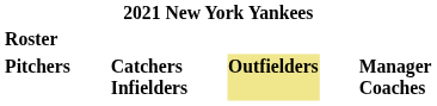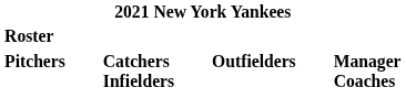 <table class="toccolours" style="font-size: 95%;">
 <tr>
 <th colspan="10">2021 New York Yankees</th>
 </tr>
 <tr>
 <td colspan="10"><strong>Roster</strong></td>
 </tr>
 <tr>
 <td valign="top"><strong>Pitchers</strong><br>                             </td>
 <td style="width:25px;"></td>
 <td valign="top"><strong>Catchers</strong><br>   <strong>Infielders</strong>           </td>
 <td style="width:25px;"></td>
-<td valign="top" style="background: khaki;"><strong>Outfielders</strong><br>              </td>
+<td valign="top"><strong>Outfielders</strong><br>              </td>
 <td style="width:25px;"></td>
 <td valign="top"><strong>Manager</strong><br> <strong>Coaches</strong>                   </td>
 </tr>
 </table>
